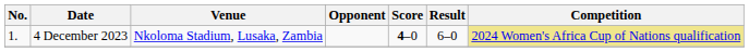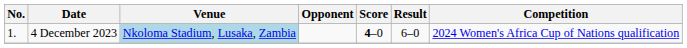 <table class="wikitable">
 <tr>
 <th>No.</th>
 <th>Date</th>
 <th>Venue</th>
 <th>Opponent</th>
 <th>Score</th>
 <th>Result</th>
 <th>Competition</th>
 </tr>
 <tr>
 <td>1.</td>
 <td>4 December 2023</td>
-<td><a href='#'>Nkoloma Stadium</a>, <a href='#'>Lusaka</a>, <a href='#'>Zambia</a></td>
+<td style="background: lightblue;"><a href='#'>Nkoloma Stadium</a>, <a href='#'>Lusaka</a>, <a href='#'>Zambia</a></td>
 <td></td>
 <td align=center><strong>4</strong>–0</td>
 <td align=center>6–0</td>
-<td style="background: khaki;"><a href='#'>2024 Women's Africa Cup of Nations qualification</a></td>
+<td><a href='#'>2024 Women's Africa Cup of Nations qualification</a></td>
 </tr>
 <tr>
 </tr>
 </table>
